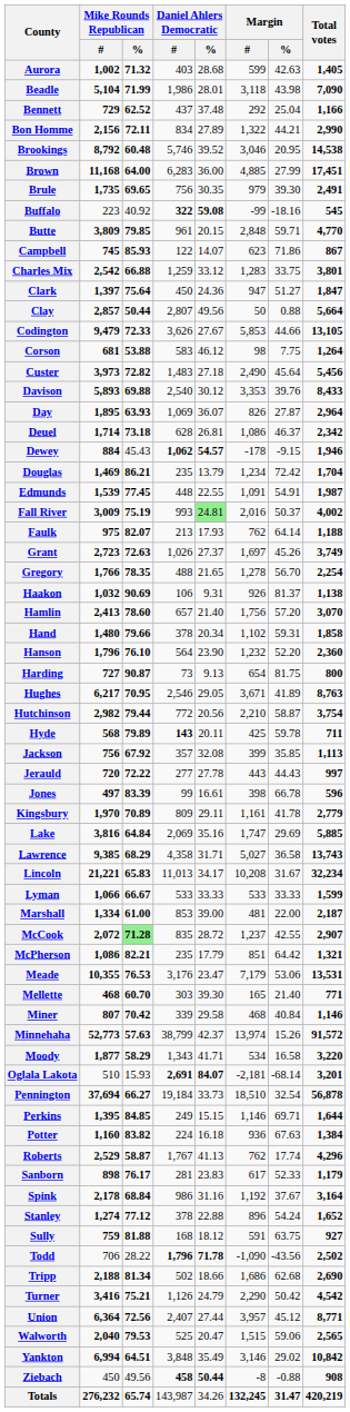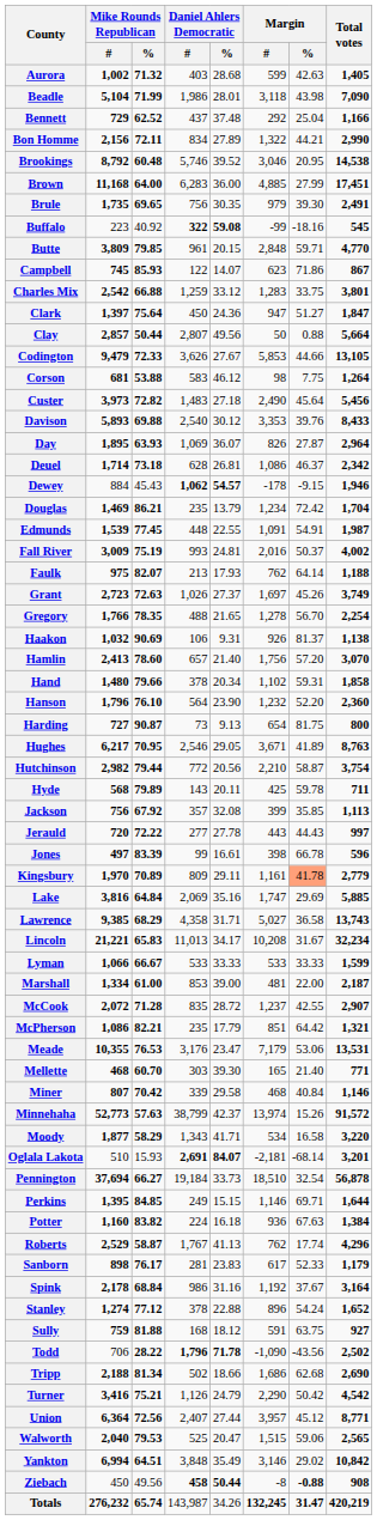 <table class="wikitable sortable" style="text-align:right;font-size:90%;line-height:1.3">
 <tr>
 <th rowspan="2">County</th>
 <th colspan="2"><a href='#'>Mike Rounds</a><br><a href='#'>Republican</a></th>
 <th colspan="2"><a href='#'>Daniel Ahlers</a><br><a href='#'>Democratic</a></th>
 <th colspan="2">Margin</th>
 <th rowspan="2">Total<br>votes</th>
 </tr>
 <tr>
 <th data-sort-type="number">#</th>
 <th data-sort-type="number">%</th>
 <th data-sort-type="number">#</th>
 <th data-sort-type="number">%</th>
 <th data-sort-type="number">#</th>
 <th data-sort-type="number">%</th>
 </tr>
 <tr>
 <th><a href='#'>Aurora</a></th>
 <td><strong>1,002</strong></td>
 <td><strong>71.32</strong></td>
 <td>403</td>
 <td>28.68</td>
 <td>599</td>
 <td>42.63</td>
 <td><strong>1,405</strong></td>
 </tr>
 <tr>
 <th><a href='#'>Beadle</a></th>
 <td><strong>5,104</strong></td>
 <td><strong>71.99</strong></td>
 <td>1,986</td>
 <td>28.01</td>
 <td>3,118</td>
 <td>43.98</td>
 <td><strong>7,090</strong></td>
 </tr>
 <tr>
 <th><a href='#'>Bennett</a></th>
 <td><strong>729</strong></td>
 <td><strong>62.52</strong></td>
 <td>437</td>
 <td>37.48</td>
 <td>292</td>
 <td>25.04</td>
 <td><strong>1,166</strong></td>
 </tr>
 <tr>
 <th><a href='#'>Bon Homme</a></th>
 <td><strong>2,156</strong></td>
 <td><strong>72.11</strong></td>
 <td>834</td>
 <td>27.89</td>
 <td>1,322</td>
 <td>44.21</td>
 <td><strong>2,990</strong></td>
 </tr>
 <tr>
 <th><a href='#'>Brookings</a></th>
 <td><strong>8,792</strong></td>
 <td><strong>60.48</strong></td>
 <td>5,746</td>
 <td>39.52</td>
 <td>3,046</td>
 <td>20.95</td>
 <td><strong>14,538</strong></td>
 </tr>
 <tr>
 <th><a href='#'>Brown</a></th>
 <td><strong>11,168</strong></td>
 <td><strong>64.00</strong></td>
 <td>6,283</td>
 <td>36.00</td>
 <td>4,885</td>
 <td>27.99</td>
 <td><strong>17,451</strong></td>
 </tr>
 <tr>
 <th><a href='#'>Brule</a></th>
 <td><strong>1,735</strong></td>
 <td><strong>69.65</strong></td>
 <td>756</td>
 <td>30.35</td>
 <td>979</td>
 <td>39.30</td>
 <td><strong>2,491</strong></td>
 </tr>
 <tr>
 <th><a href='#'>Buffalo</a></th>
 <td>223</td>
 <td>40.92</td>
 <td><strong>322</strong></td>
 <td><strong>59.08</strong></td>
 <td>-99</td>
 <td>-18.16</td>
 <td><strong>545</strong></td>
 </tr>
 <tr>
 <th><a href='#'>Butte</a></th>
 <td><strong>3,809</strong></td>
 <td><strong>79.85</strong></td>
 <td>961</td>
 <td>20.15</td>
 <td>2,848</td>
 <td>59.71</td>
 <td><strong>4,770</strong></td>
 </tr>
 <tr>
 <th><a href='#'>Campbell</a></th>
 <td><strong>745</strong></td>
 <td><strong>85.93</strong></td>
 <td>122</td>
 <td>14.07</td>
 <td>623</td>
 <td>71.86</td>
 <td><strong>867</strong></td>
 </tr>
 <tr>
 <th><a href='#'>Charles Mix</a></th>
 <td><strong>2,542</strong></td>
 <td><strong>66.88</strong></td>
 <td>1,259</td>
 <td>33.12</td>
 <td>1,283</td>
 <td>33.75</td>
 <td><strong>3,801</strong></td>
 </tr>
 <tr>
 <th><a href='#'>Clark</a></th>
 <td><strong>1,397</strong></td>
 <td><strong>75.64</strong></td>
 <td>450</td>
 <td>24.36</td>
 <td>947</td>
 <td>51.27</td>
 <td><strong>1,847</strong></td>
 </tr>
 <tr>
 <th><a href='#'>Clay</a></th>
 <td><strong>2,857</strong></td>
 <td><strong>50.44</strong></td>
 <td>2,807</td>
 <td>49.56</td>
 <td>50</td>
 <td>0.88</td>
 <td><strong>5,664</strong></td>
 </tr>
 <tr>
 <th><a href='#'>Codington</a></th>
 <td><strong>9,479</strong></td>
 <td><strong>72.33</strong></td>
 <td>3,626</td>
 <td>27.67</td>
 <td>5,853</td>
 <td>44.66</td>
 <td><strong>13,105</strong></td>
 </tr>
 <tr>
 <th><a href='#'>Corson</a></th>
 <td><strong>681</strong></td>
 <td><strong>53.88</strong></td>
 <td>583</td>
 <td>46.12</td>
 <td>98</td>
 <td>7.75</td>
 <td><strong>1,264</strong></td>
 </tr>
 <tr>
 <th><a href='#'>Custer</a></th>
 <td><strong>3,973</strong></td>
 <td><strong>72.82</strong></td>
 <td>1,483</td>
 <td>27.18</td>
 <td>2,490</td>
 <td>45.64</td>
 <td><strong>5,456</strong></td>
 </tr>
 <tr>
 <th><a href='#'>Davison</a></th>
 <td><strong>5,893</strong></td>
 <td><strong>69.88</strong></td>
 <td>2,540</td>
 <td>30.12</td>
 <td>3,353</td>
 <td>39.76</td>
 <td><strong>8,433</strong></td>
 </tr>
 <tr>
 <th><a href='#'>Day</a></th>
 <td><strong>1,895</strong></td>
 <td><strong>63.93</strong></td>
 <td>1,069</td>
 <td>36.07</td>
 <td>826</td>
 <td>27.87</td>
 <td><strong>2,964</strong></td>
 </tr>
 <tr>
 <th><a href='#'>Deuel</a></th>
 <td><strong>1,714</strong></td>
 <td><strong>73.18</strong></td>
 <td>628</td>
 <td>26.81</td>
 <td>1,086</td>
 <td>46.37</td>
 <td><strong>2,342</strong></td>
 </tr>
 <tr>
 <th><a href='#'>Dewey</a></th>
-<td><strong>884</strong></td>
+<td>884</td>
 <td>45.43</td>
 <td><strong>1,062</strong></td>
 <td><strong>54.57</strong></td>
 <td>-178</td>
 <td>-9.15</td>
 <td><strong>1,946</strong></td>
 </tr>
 <tr>
 <th><a href='#'>Douglas</a></th>
 <td><strong>1,469</strong></td>
 <td><strong>86.21</strong></td>
 <td>235</td>
 <td>13.79</td>
 <td>1,234</td>
 <td>72.42</td>
 <td><strong>1,704</strong></td>
 </tr>
 <tr>
 <th><a href='#'>Edmunds</a></th>
 <td><strong>1,539</strong></td>
 <td><strong>77.45</strong></td>
 <td>448</td>
 <td>22.55</td>
 <td>1,091</td>
 <td>54.91</td>
 <td><strong>1,987</strong></td>
 </tr>
 <tr>
 <th><a href='#'>Fall River</a></th>
 <td><strong>3,009</strong></td>
 <td><strong>75.19</strong></td>
 <td>993</td>
-<td style="background: lightgreen;">24.81</td>
+<td>24.81</td>
 <td>2,016</td>
 <td>50.37</td>
 <td><strong>4,002</strong></td>
 </tr>
 <tr>
 <th><a href='#'>Faulk</a></th>
 <td><strong>975</strong></td>
 <td><strong>82.07</strong></td>
 <td>213</td>
 <td>17.93</td>
 <td>762</td>
 <td>64.14</td>
 <td><strong>1,188</strong></td>
 </tr>
 <tr>
 <th><a href='#'>Grant</a></th>
 <td><strong>2,723</strong></td>
 <td><strong>72.63</strong></td>
 <td>1,026</td>
 <td>27.37</td>
 <td>1,697</td>
 <td>45.26</td>
 <td><strong>3,749</strong></td>
 </tr>
 <tr>
 <th><a href='#'>Gregory</a></th>
 <td><strong>1,766</strong></td>
 <td><strong>78.35</strong></td>
 <td>488</td>
 <td>21.65</td>
 <td>1,278</td>
 <td>56.70</td>
 <td><strong>2,254</strong></td>
 </tr>
 <tr>
 <th><a href='#'>Haakon</a></th>
 <td><strong>1,032</strong></td>
 <td><strong>90.69</strong></td>
 <td>106</td>
 <td>9.31</td>
 <td>926</td>
 <td>81.37</td>
 <td><strong>1,138</strong></td>
 </tr>
 <tr>
 <th><a href='#'>Hamlin</a></th>
 <td><strong>2,413</strong></td>
 <td><strong>78.60</strong></td>
 <td>657</td>
 <td>21.40</td>
 <td>1,756</td>
 <td>57.20</td>
 <td><strong>3,070</strong></td>
 </tr>
 <tr>
 <th><a href='#'>Hand</a></th>
 <td><strong>1,480</strong></td>
 <td><strong>79.66</strong></td>
 <td>378</td>
 <td>20.34</td>
 <td>1,102</td>
 <td>59.31</td>
 <td><strong>1,858</strong></td>
 </tr>
 <tr>
 <th><a href='#'>Hanson</a></th>
 <td><strong>1,796</strong></td>
 <td><strong>76.10</strong></td>
 <td>564</td>
 <td>23.90</td>
 <td>1,232</td>
 <td>52.20</td>
 <td><strong>2,360</strong></td>
 </tr>
 <tr>
 <th><a href='#'>Harding</a></th>
 <td><strong>727</strong></td>
 <td><strong>90.87</strong></td>
 <td>73</td>
 <td>9.13</td>
 <td>654</td>
 <td>81.75</td>
 <td><strong>800</strong></td>
 </tr>
 <tr>
 <th><a href='#'>Hughes</a></th>
 <td><strong>6,217</strong></td>
 <td><strong>70.95</strong></td>
 <td>2,546</td>
 <td>29.05</td>
 <td>3,671</td>
 <td>41.89</td>
 <td><strong>8,763</strong></td>
 </tr>
 <tr>
 <th><a href='#'>Hutchinson</a></th>
 <td><strong>2,982</strong></td>
 <td><strong>79.44</strong></td>
 <td>772</td>
 <td>20.56</td>
 <td>2,210</td>
 <td>58.87</td>
 <td><strong>3,754</strong></td>
 </tr>
 <tr>
 <th><a href='#'>Hyde</a></th>
 <td><strong>568</strong></td>
 <td><strong>79.89</strong></td>
-<td><strong>143</strong></td>
+<td>143</td>
 <td>20.11</td>
 <td>425</td>
 <td>59.78</td>
 <td><strong>711</strong></td>
 </tr>
 <tr>
 <th><a href='#'>Jackson</a></th>
 <td><strong>756</strong></td>
 <td><strong>67.92</strong></td>
 <td>357</td>
 <td>32.08</td>
 <td>399</td>
 <td>35.85</td>
 <td><strong>1,113</strong></td>
 </tr>
 <tr>
 <th><a href='#'>Jerauld</a></th>
 <td><strong>720</strong></td>
 <td><strong>72.22</strong></td>
 <td>277</td>
 <td>27.78</td>
 <td>443</td>
 <td>44.43</td>
 <td><strong>997</strong></td>
 </tr>
 <tr>
 <th><a href='#'>Jones</a></th>
 <td><strong>497</strong></td>
 <td><strong>83.39</strong></td>
 <td>99</td>
 <td>16.61</td>
 <td>398</td>
 <td>66.78</td>
 <td><strong>596</strong></td>
 </tr>
 <tr>
 <th><a href='#'>Kingsbury</a></th>
 <td><strong>1,970</strong></td>
 <td><strong>70.89</strong></td>
 <td>809</td>
 <td>29.11</td>
 <td>1,161</td>
-<td>41.78</td>
+<td style="background: lightsalmon;">41.78</td>
 <td><strong>2,779</strong></td>
 </tr>
 <tr>
 <th><a href='#'>Lake</a></th>
 <td><strong>3,816</strong></td>
 <td><strong>64.84</strong></td>
 <td>2,069</td>
 <td>35.16</td>
 <td>1,747</td>
 <td>29.69</td>
 <td><strong>5,885</strong></td>
 </tr>
 <tr>
 <th><a href='#'>Lawrence</a></th>
 <td><strong>9,385</strong></td>
 <td><strong>68.29</strong></td>
 <td>4,358</td>
 <td>31.71</td>
 <td>5,027</td>
 <td>36.58</td>
 <td><strong>13,743</strong></td>
 </tr>
 <tr>
 <th><a href='#'>Lincoln</a></th>
 <td><strong>21,221</strong></td>
 <td><strong>65.83</strong></td>
 <td>11,013</td>
 <td>34.17</td>
 <td>10,208</td>
 <td>31.67</td>
 <td><strong>32,234</strong></td>
 </tr>
 <tr>
 <th><a href='#'>Lyman</a></th>
 <td><strong>1,066</strong></td>
 <td><strong>66.67</strong></td>
 <td>533</td>
 <td>33.33</td>
 <td>533</td>
 <td>33.33</td>
 <td><strong>1,599</strong></td>
 </tr>
 <tr>
 <th><a href='#'>Marshall</a></th>
 <td><strong>1,334</strong></td>
 <td><strong>61.00</strong></td>
 <td>853</td>
 <td>39.00</td>
 <td>481</td>
 <td>22.00</td>
 <td><strong>2,187</strong></td>
 </tr>
 <tr>
 <th><a href='#'>McCook</a></th>
 <td><strong>2,072</strong></td>
-<td style="background: lightgreen;"><strong>71.28</strong></td>
+<td><strong>71.28</strong></td>
 <td>835</td>
 <td>28.72</td>
 <td>1,237</td>
 <td>42.55</td>
 <td><strong>2,907</strong></td>
 </tr>
 <tr>
 <th><a href='#'>McPherson</a></th>
 <td><strong>1,086</strong></td>
 <td><strong>82.21</strong></td>
 <td>235</td>
 <td>17.79</td>
 <td>851</td>
 <td>64.42</td>
 <td><strong>1,321</strong></td>
 </tr>
 <tr>
 <th><a href='#'>Meade</a></th>
 <td><strong>10,355</strong></td>
 <td><strong>76.53</strong></td>
 <td>3,176</td>
 <td>23.47</td>
 <td>7,179</td>
 <td>53.06</td>
 <td><strong>13,531</strong></td>
 </tr>
 <tr>
 <th><a href='#'>Mellette</a></th>
 <td><strong>468</strong></td>
 <td><strong>60.70</strong></td>
 <td>303</td>
 <td>39.30</td>
 <td>165</td>
 <td>21.40</td>
 <td><strong>771</strong></td>
 </tr>
 <tr>
 <th><a href='#'>Miner</a></th>
 <td><strong>807</strong></td>
 <td><strong>70.42</strong></td>
 <td>339</td>
 <td>29.58</td>
 <td>468</td>
 <td>40.84</td>
 <td><strong>1,146</strong></td>
 </tr>
 <tr>
 <th><a href='#'>Minnehaha</a></th>
 <td><strong>52,773</strong></td>
 <td><strong>57.63</strong></td>
 <td>38,799</td>
 <td>42.37</td>
 <td>13,974</td>
 <td>15.26</td>
 <td><strong>91,572</strong></td>
 </tr>
 <tr>
 <th><a href='#'>Moody</a></th>
 <td><strong>1,877</strong></td>
 <td><strong>58.29</strong></td>
 <td>1,343</td>
 <td>41.71</td>
 <td>534</td>
 <td>16.58</td>
 <td><strong>3,220</strong></td>
 </tr>
 <tr>
 <th><a href='#'>Oglala Lakota</a></th>
 <td>510</td>
 <td>15.93</td>
 <td><strong>2,691</strong></td>
 <td><strong>84.07</strong></td>
 <td>-2,181</td>
 <td>-68.14</td>
 <td><strong>3,201</strong></td>
 </tr>
 <tr>
 <th><a href='#'>Pennington</a></th>
 <td><strong>37,694</strong></td>
 <td><strong>66.27</strong></td>
 <td>19,184</td>
 <td>33.73</td>
 <td>18,510</td>
 <td>32.54</td>
 <td><strong>56,878</strong></td>
 </tr>
 <tr>
 <th><a href='#'>Perkins</a></th>
 <td><strong>1,395</strong></td>
 <td><strong>84.85</strong></td>
 <td>249</td>
 <td>15.15</td>
 <td>1,146</td>
 <td>69.71</td>
 <td><strong>1,644</strong></td>
 </tr>
 <tr>
 <th><a href='#'>Potter</a></th>
 <td><strong>1,160</strong></td>
 <td><strong>83.82</strong></td>
 <td>224</td>
 <td>16.18</td>
 <td>936</td>
 <td>67.63</td>
 <td><strong>1,384</strong></td>
 </tr>
 <tr>
 <th><a href='#'>Roberts</a></th>
 <td><strong>2,529</strong></td>
 <td><strong>58.87</strong></td>
 <td>1,767</td>
 <td>41.13</td>
 <td>762</td>
 <td>17.74</td>
 <td><strong>4,296</strong></td>
 </tr>
 <tr>
 <th><a href='#'>Sanborn</a></th>
 <td><strong>898</strong></td>
 <td><strong>76.17</strong></td>
 <td>281</td>
 <td>23.83</td>
 <td>617</td>
 <td>52.33</td>
 <td><strong>1,179</strong></td>
 </tr>
 <tr>
 <th><a href='#'>Spink</a></th>
 <td><strong>2,178</strong></td>
 <td><strong>68.84</strong></td>
 <td>986</td>
 <td>31.16</td>
 <td>1,192</td>
 <td>37.67</td>
 <td><strong>3,164</strong></td>
 </tr>
 <tr>
 <th><a href='#'>Stanley</a></th>
 <td><strong>1,274</strong></td>
 <td><strong>77.12</strong></td>
 <td>378</td>
 <td>22.88</td>
 <td>896</td>
 <td>54.24</td>
 <td><strong>1,652</strong></td>
 </tr>
 <tr>
 <th><a href='#'>Sully</a></th>
 <td><strong>759</strong></td>
 <td><strong>81.88</strong></td>
 <td>168</td>
 <td>18.12</td>
 <td>591</td>
 <td>63.75</td>
 <td><strong>927</strong></td>
 </tr>
 <tr>
 <th><a href='#'>Todd</a></th>
 <td>706</td>
-<td>28.22</td>
+<td><strong>28.22</strong></td>
 <td><strong>1,796</strong></td>
 <td><strong>71.78</strong></td>
 <td>-1,090</td>
 <td>-43.56</td>
 <td><strong>2,502</strong></td>
 </tr>
 <tr>
 <th><a href='#'>Tripp</a></th>
 <td><strong>2,188</strong></td>
 <td><strong>81.34</strong></td>
 <td>502</td>
 <td>18.66</td>
 <td>1,686</td>
 <td>62.68</td>
 <td><strong>2,690</strong></td>
 </tr>
 <tr>
 <th><a href='#'>Turner</a></th>
 <td><strong>3,416</strong></td>
 <td><strong>75.21</strong></td>
 <td>1,126</td>
 <td>24.79</td>
 <td>2,290</td>
 <td>50.42</td>
 <td><strong>4,542</strong></td>
 </tr>
 <tr>
 <th><a href='#'>Union</a></th>
 <td><strong>6,364</strong></td>
 <td><strong>72.56</strong></td>
 <td>2,407</td>
 <td>27.44</td>
 <td>3,957</td>
 <td>45.12</td>
 <td><strong>8,771</strong></td>
 </tr>
 <tr>
 <th><a href='#'>Walworth</a></th>
 <td><strong>2,040</strong></td>
 <td><strong>79.53</strong></td>
 <td>525</td>
 <td>20.47</td>
 <td>1,515</td>
 <td>59.06</td>
 <td><strong>2,565</strong></td>
 </tr>
 <tr>
 <th><a href='#'>Yankton</a></th>
 <td><strong>6,994</strong></td>
 <td><strong>64.51</strong></td>
 <td>3,848</td>
 <td>35.49</td>
 <td>3,146</td>
 <td>29.02</td>
 <td><strong>10,842</strong></td>
 </tr>
 <tr>
 <th><a href='#'>Ziebach</a></th>
 <td>450</td>
 <td>49.56</td>
 <td><strong>458</strong></td>
 <td><strong>50.44</strong></td>
 <td>-8</td>
-<td>-0.88</td>
+<td><strong>-0.88</strong></td>
 <td><strong>908</strong></td>
 </tr>
 <tr class="sortbottom">
 <th>Totals</th>
 <td><strong>276,232</strong></td>
 <td><strong>65.74</strong></td>
 <td>143,987</td>
 <td>34.26</td>
 <td><strong>132,245</strong></td>
 <td><strong>31.47</strong></td>
 <td><strong>420,219</strong></td>
 </tr>
 </table>
